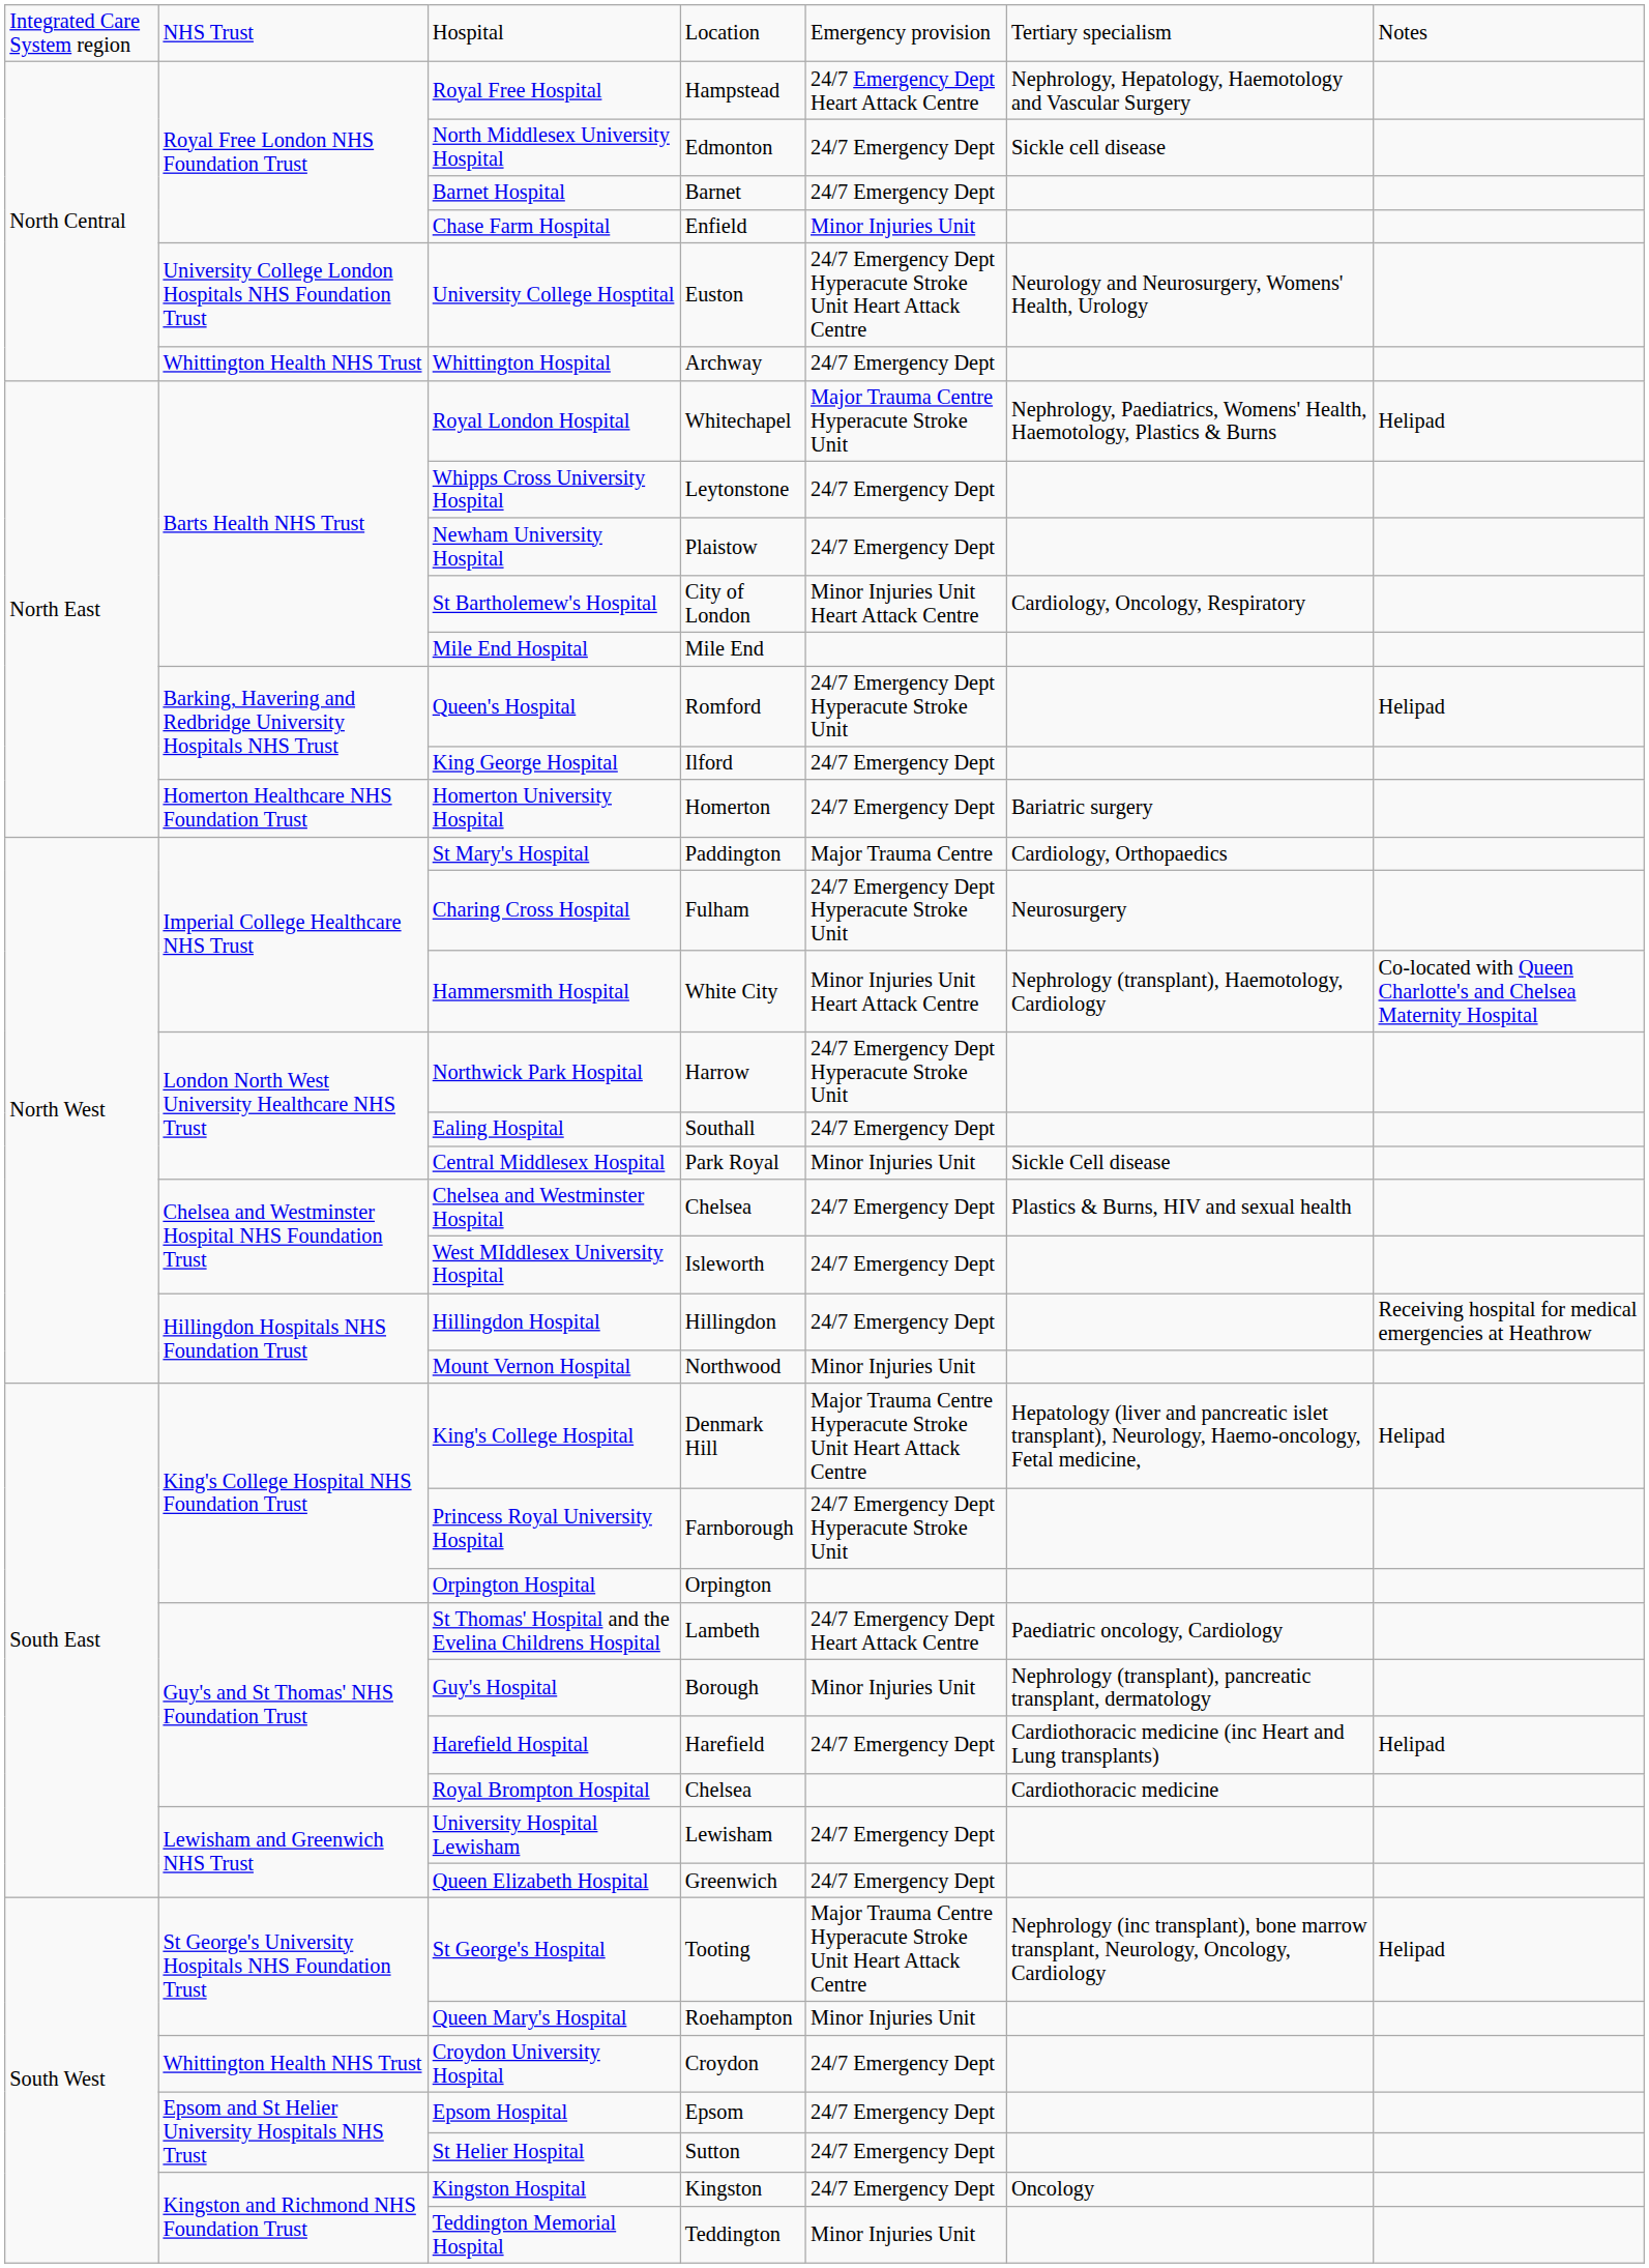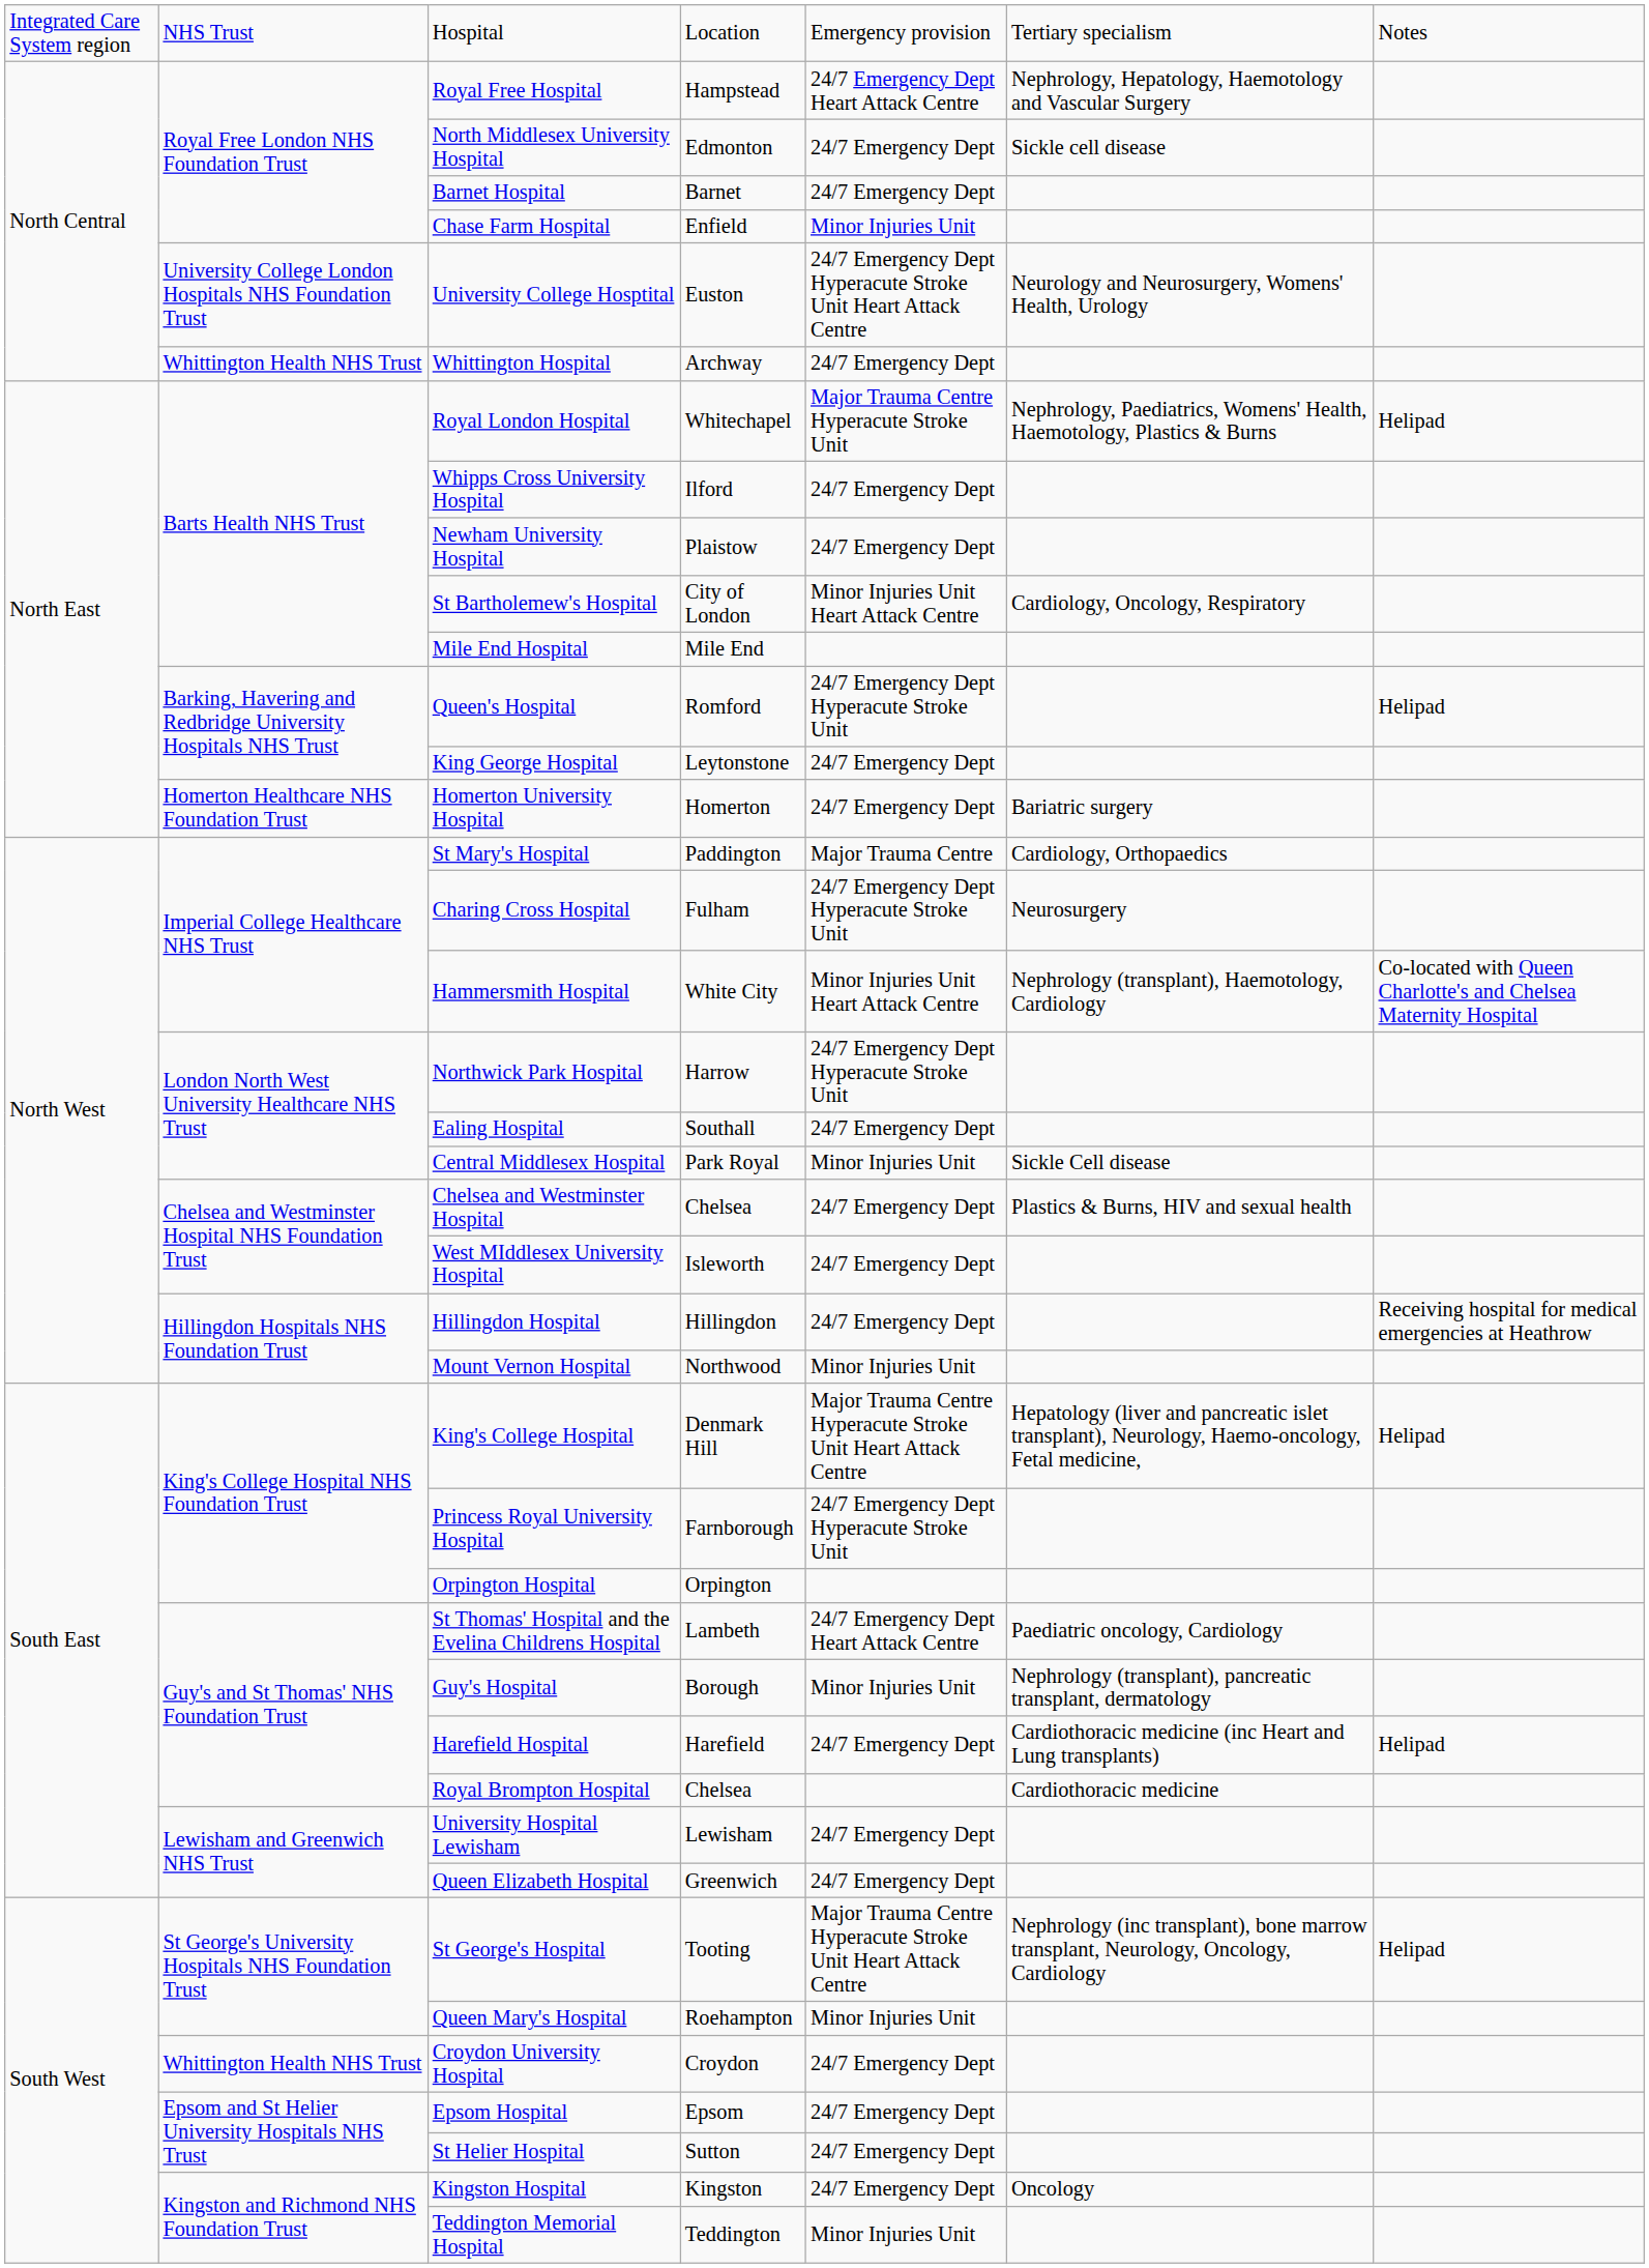 <table class="wikitable">
 <tr>
 <td><a href='#'>Integrated Care System</a> region</td>
 <td><a href='#'>NHS Trust</a></td>
 <td>Hospital</td>
 <td>Location</td>
 <td>Emergency provision</td>
 <td>Tertiary specialism</td>
 <td>Notes</td>
 </tr>
 <tr>
 <td colspan="1" rowspan="6">North Central</td>
 <td colspan="1" rowspan="4"><a href='#'>Royal Free London NHS Foundation Trust</a></td>
 <td><a href='#'>Royal Free Hospital</a></td>
 <td>Hampstead</td>
 <td>24/7 <a href='#'>Emergency Dept</a><br>Heart Attack Centre</td>
 <td>Nephrology, Hepatology, Haemotology and Vascular Surgery</td>
 <td></td>
 </tr>
 <tr>
 <td><a href='#'>North Middlesex University Hospital</a></td>
 <td>Edmonton</td>
 <td>24/7 Emergency Dept</td>
 <td>Sickle cell disease</td>
 <td></td>
 </tr>
 <tr>
 <td><a href='#'>Barnet Hospital</a></td>
 <td>Barnet</td>
 <td>24/7 Emergency Dept</td>
 <td></td>
 <td></td>
 </tr>
 <tr>
 <td><a href='#'>Chase Farm Hospital</a></td>
 <td>Enfield</td>
 <td><a href='#'>Minor Injuries Unit</a></td>
 <td></td>
 <td></td>
 </tr>
 <tr>
 <td><a href='#'>University College London Hospitals NHS Foundation Trust</a></td>
 <td><a href='#'>University College Hosptital</a></td>
 <td>Euston</td>
 <td>24/7 Emergency Dept<br>Hyperacute Stroke Unit Heart Attack Centre</td>
 <td>Neurology and Neurosurgery, Womens' Health, Urology</td>
 <td></td>
 </tr>
 <tr>
 <td><a href='#'>Whittington Health NHS Trust</a></td>
 <td><a href='#'>Whittington Hospital</a></td>
 <td>Archway</td>
 <td>24/7 Emergency Dept</td>
 <td></td>
 <td></td>
 </tr>
 <tr>
 <td colspan="1" rowspan="8">North East</td>
 <td colspan="1" rowspan="5"><a href='#'>Barts Health NHS Trust</a></td>
 <td><a href='#'>Royal London Hospital</a></td>
 <td>Whitechapel</td>
 <td><a href='#'>Major Trauma Centre</a><br>Hyperacute Stroke Unit</td>
 <td>Nephrology, Paediatrics, Womens' Health, Haemotology, Plastics & Burns</td>
 <td>Helipad</td>
 </tr>
 <tr>
 <td><a href='#'>Whipps Cross University Hospital</a></td>
-<td>Leytonstone</td>
+<td>Ilford</td>
 <td>24/7 Emergency Dept</td>
 <td></td>
 <td></td>
 </tr>
 <tr>
 <td><a href='#'>Newham University Hospital</a></td>
 <td>Plaistow</td>
 <td>24/7 Emergency Dept</td>
 <td></td>
 <td></td>
 </tr>
 <tr>
 <td><a href='#'>St Bartholemew's Hospital</a></td>
 <td>City of London</td>
 <td>Minor Injuries Unit<br>Heart Attack Centre</td>
 <td>Cardiology, Oncology, Respiratory</td>
 <td></td>
 </tr>
 <tr>
 <td><a href='#'>Mile End Hospital</a></td>
 <td>Mile End</td>
 <td></td>
 <td></td>
 <td></td>
 </tr>
 <tr>
 <td colspan="1" rowspan="2"><a href='#'>Barking, Havering and Redbridge University Hospitals NHS Trust</a></td>
 <td><a href='#'>Queen's Hospital</a></td>
 <td>Romford</td>
 <td>24/7 Emergency Dept<br>Hyperacute Stroke Unit</td>
 <td></td>
 <td>Helipad</td>
 </tr>
 <tr>
 <td><a href='#'>King George Hospital</a></td>
-<td>Ilford</td>
+<td>Leytonstone</td>
 <td>24/7 Emergency Dept</td>
 <td></td>
 <td></td>
 </tr>
 <tr>
 <td><a href='#'>Homerton Healthcare NHS Foundation Trust</a></td>
 <td><a href='#'>Homerton University Hospital</a></td>
 <td>Homerton</td>
 <td>24/7 Emergency Dept</td>
 <td>Bariatric surgery</td>
 <td></td>
 </tr>
 <tr>
 <td colspan="1" rowspan="10">North West</td>
 <td colspan="1" rowspan="3"><a href='#'>Imperial College Healthcare NHS Trust</a></td>
 <td><a href='#'>St Mary's Hospital</a></td>
 <td>Paddington</td>
 <td>Major Trauma Centre</td>
 <td>Cardiology, Orthopaedics</td>
 <td></td>
 </tr>
 <tr>
 <td><a href='#'>Charing Cross Hospital</a></td>
 <td>Fulham</td>
 <td>24/7 Emergency Dept<br>Hyperacute Stroke Unit</td>
 <td>Neurosurgery</td>
 <td></td>
 </tr>
 <tr>
 <td><a href='#'>Hammersmith Hospital</a></td>
 <td>White City</td>
 <td>Minor Injuries Unit<br>Heart Attack Centre</td>
 <td>Nephrology (transplant), Haemotology, Cardiology</td>
 <td>Co-located with <a href='#'>Queen Charlotte's and Chelsea Maternity Hospital</a></td>
 </tr>
 <tr>
 <td colspan="1" rowspan="3"><a href='#'>London North West University Healthcare NHS Trust</a></td>
 <td><a href='#'>Northwick Park Hospital</a></td>
 <td>Harrow</td>
 <td>24/7 Emergency Dept<br>Hyperacute Stroke Unit</td>
 <td></td>
 <td></td>
 </tr>
 <tr>
 <td><a href='#'>Ealing Hospital</a></td>
 <td>Southall</td>
 <td>24/7 Emergency Dept</td>
 <td></td>
 <td></td>
 </tr>
 <tr>
 <td><a href='#'>Central Middlesex Hospital</a></td>
 <td>Park Royal</td>
 <td>Minor Injuries Unit</td>
 <td>Sickle Cell disease</td>
 <td></td>
 </tr>
 <tr>
 <td colspan="1" rowspan="2"><a href='#'>Chelsea and Westminster Hospital NHS Foundation Trust</a></td>
 <td><a href='#'>Chelsea and Westminster Hospital</a></td>
 <td>Chelsea</td>
 <td>24/7 Emergency Dept</td>
 <td>Plastics & Burns, HIV and sexual health</td>
 <td></td>
 </tr>
 <tr>
 <td><a href='#'>West MIddlesex University Hospital</a></td>
 <td>Isleworth</td>
 <td>24/7 Emergency Dept</td>
 <td></td>
 <td></td>
 </tr>
 <tr>
 <td colspan="1" rowspan="2"><a href='#'>Hillingdon Hospitals NHS Foundation Trust</a></td>
 <td><a href='#'>Hillingdon Hospital</a></td>
 <td>Hillingdon</td>
 <td>24/7 Emergency Dept</td>
 <td></td>
 <td>Receiving hospital for medical emergencies at Heathrow</td>
 </tr>
 <tr>
 <td><a href='#'>Mount Vernon Hospital</a></td>
 <td>Northwood</td>
 <td>Minor Injuries Unit</td>
 <td></td>
 <td></td>
 </tr>
 <tr>
 <td colspan="1" rowspan="9">South East</td>
 <td colspan="1" rowspan="3"><a href='#'>King's College Hospital NHS Foundation Trust</a></td>
 <td><a href='#'>King's College Hospital</a></td>
 <td>Denmark Hill</td>
 <td>Major Trauma Centre<br>Hyperacute Stroke Unit Heart Attack Centre</td>
 <td>Hepatology (liver and pancreatic islet transplant), Neurology, Haemo-oncology, Fetal medicine,</td>
 <td>Helipad</td>
 </tr>
 <tr>
 <td><a href='#'>Princess Royal University Hospital</a></td>
 <td>Farnborough</td>
 <td>24/7 Emergency Dept<br>Hyperacute Stroke Unit</td>
 <td></td>
 <td></td>
 </tr>
 <tr>
 <td><a href='#'>Orpington Hospital</a></td>
 <td>Orpington</td>
 <td></td>
 <td></td>
 <td></td>
 </tr>
 <tr>
 <td colspan="1" rowspan="4"><a href='#'>Guy's and St Thomas' NHS Foundation Trust</a></td>
 <td><a href='#'>St Thomas' Hospital</a> and the <a href='#'>Evelina Childrens Hospital</a></td>
 <td>Lambeth</td>
 <td>24/7 Emergency Dept<br>Heart Attack Centre</td>
 <td>Paediatric oncology, Cardiology</td>
 <td></td>
 </tr>
 <tr>
 <td><a href='#'>Guy's Hospital</a></td>
 <td>Borough</td>
 <td>Minor Injuries Unit</td>
 <td>Nephrology (transplant), pancreatic transplant, dermatology</td>
 <td></td>
 </tr>
 <tr>
 <td><a href='#'>Harefield Hospital</a></td>
 <td>Harefield</td>
 <td>24/7 Emergency Dept</td>
 <td>Cardiothoracic medicine (inc Heart and Lung transplants)</td>
 <td>Helipad</td>
 </tr>
 <tr>
 <td><a href='#'>Royal Brompton Hospital</a></td>
 <td>Chelsea</td>
 <td></td>
 <td>Cardiothoracic medicine</td>
 <td></td>
 </tr>
 <tr>
 <td colspan="1" rowspan="2"><a href='#'>Lewisham and Greenwich NHS Trust</a></td>
 <td><a href='#'>University Hospital Lewisham</a></td>
 <td>Lewisham</td>
 <td>24/7 Emergency Dept</td>
 <td></td>
 <td></td>
 </tr>
 <tr>
 <td><a href='#'>Queen Elizabeth Hospital</a></td>
 <td>Greenwich</td>
 <td>24/7 Emergency Dept</td>
 <td></td>
 <td></td>
 </tr>
 <tr>
 <td colspan="1" rowspan="7">South West</td>
 <td colspan="1" rowspan="2"><a href='#'>St George's University Hospitals NHS Foundation Trust</a></td>
 <td><a href='#'>St George's Hospital</a></td>
 <td>Tooting</td>
 <td>Major Trauma Centre<br>Hyperacute Stroke Unit Heart Attack Centre</td>
 <td>Nephrology (inc transplant), bone marrow transplant, Neurology, Oncology, Cardiology</td>
 <td>Helipad</td>
 </tr>
 <tr>
 <td><a href='#'>Queen Mary's Hospital</a></td>
 <td>Roehampton</td>
 <td>Minor Injuries Unit</td>
 <td></td>
 <td></td>
 </tr>
 <tr>
 <td><a href='#'>Whittington Health NHS Trust</a></td>
 <td><a href='#'>Croydon University Hospital</a></td>
 <td>Croydon</td>
 <td>24/7 Emergency Dept</td>
 <td></td>
 <td></td>
 </tr>
 <tr>
 <td colspan="1" rowspan="2"><a href='#'>Epsom and St Helier University Hospitals NHS Trust</a></td>
 <td><a href='#'>Epsom Hospital</a></td>
 <td>Epsom</td>
 <td>24/7 Emergency Dept</td>
 <td></td>
 <td></td>
 </tr>
 <tr>
 <td><a href='#'>St Helier Hospital</a></td>
 <td>Sutton</td>
 <td>24/7 Emergency Dept</td>
 <td></td>
 <td></td>
 </tr>
 <tr>
 <td colspan="1" rowspan="2"><a href='#'>Kingston and Richmond NHS Foundation Trust</a></td>
 <td><a href='#'>Kingston Hospital</a></td>
 <td>Kingston</td>
 <td>24/7 Emergency Dept</td>
 <td>Oncology</td>
 <td></td>
 </tr>
 <tr>
 <td><a href='#'>Teddington Memorial Hospital</a></td>
 <td>Teddington</td>
 <td>Minor Injuries Unit</td>
 <td></td>
 <td></td>
 </tr>
 </table>
